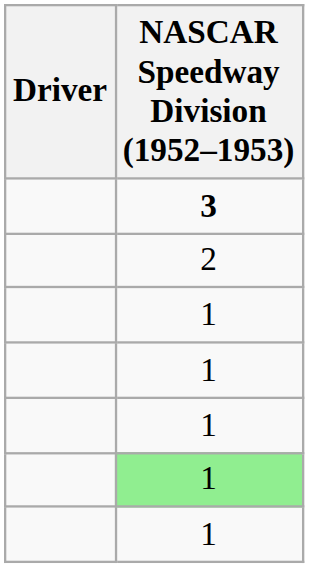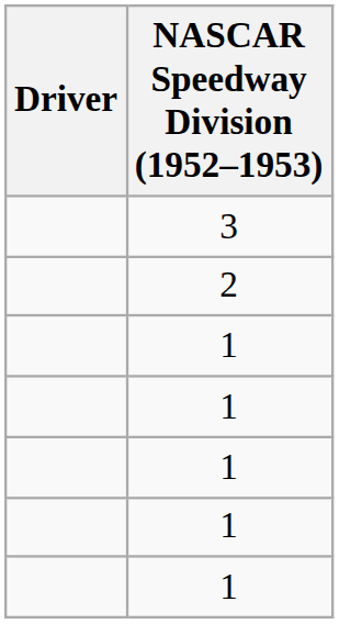 <table class="wikitable" style="margin-top:0em; text-align:center; font-size:90%;">
 <tr>
 <th>Driver</th>
 <th valign="bottom">NASCAR<br>Speedway<br>Division<br>(1952–1953)<br></th>
 </tr>
 <tr>
 <td align=left> </td>
-<td><strong>3</strong></td>
+<td>3</td>
 </tr>
 <tr>
 <td align=left> </td>
 <td>2</td>
 </tr>
 <tr>
 <td align=left> </td>
 <td>1</td>
 </tr>
 <tr>
 <td align=left> </td>
 <td>1</td>
 </tr>
 <tr>
 <td align=left> </td>
 <td>1</td>
 </tr>
 <tr>
 <td align=left> </td>
-<td style="background: lightgreen;">1</td>
+<td>1</td>
 </tr>
 <tr>
 <td align=left> </td>
 <td>1</td>
 </tr>
 </table>
